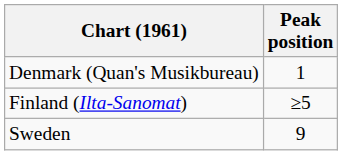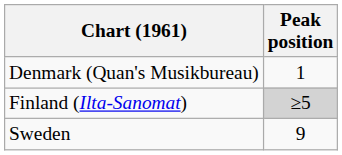 <table class="wikitable sortable">
 <tr>
 <th align="left">Chart (1961)</th>
 <th style="text-align:center;">Peak<br>position</th>
 </tr>
 <tr>
 <td align="left">Denmark (Quan's Musikbureau)</td>
 <td style="text-align:center;">1</td>
 </tr>
 <tr>
 <td align="left">Finland (<em><a href='#'>Ilta-Sanomat</a></em>)</td>
-<td style="text-align:center;">≥5</td>
+<td style="background: lightgrey; text-align:center;">≥5</td>
 </tr>
 <tr>
 <td align="left">Sweden</td>
 <td style="text-align:center;">9</td>
 </tr>
 </table>
